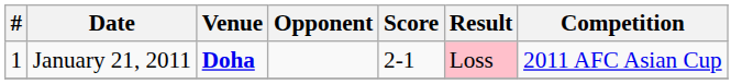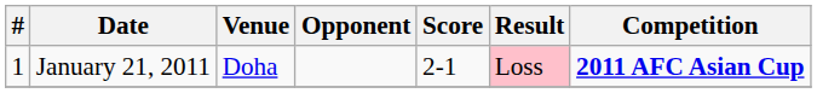 <table class="wikitable">
 <tr>
 <th>#</th>
 <th>Date</th>
 <th>Venue</th>
 <th>Opponent</th>
 <th>Score</th>
 <th>Result</th>
 <th>Competition</th>
 </tr>
 <tr>
 <td>1</td>
 <td>January 21, 2011</td>
-<td><strong><a href='#'>Doha</a></strong></td>
+<td><a href='#'>Doha</a></td>
 <td></td>
 <td>2-1</td>
 <td style="background: pink;">Loss</td>
-<td><a href='#'>2011 AFC Asian Cup</a></td>
+<td><strong><a href='#'>2011 AFC Asian Cup</a></strong></td>
 </tr>
 <tr>
 </tr>
 </table>
